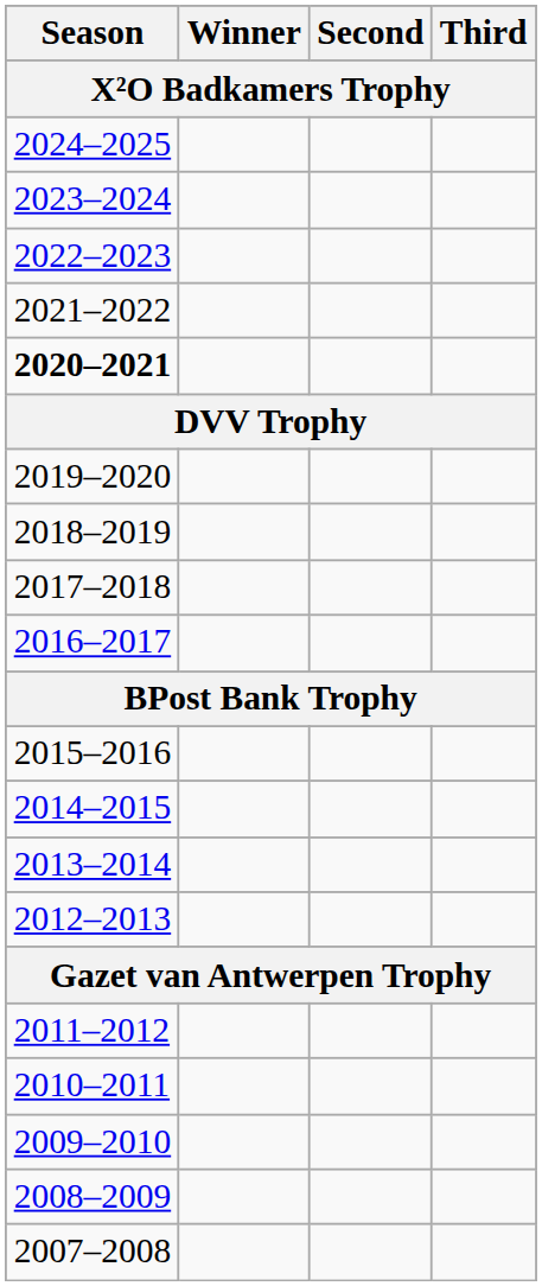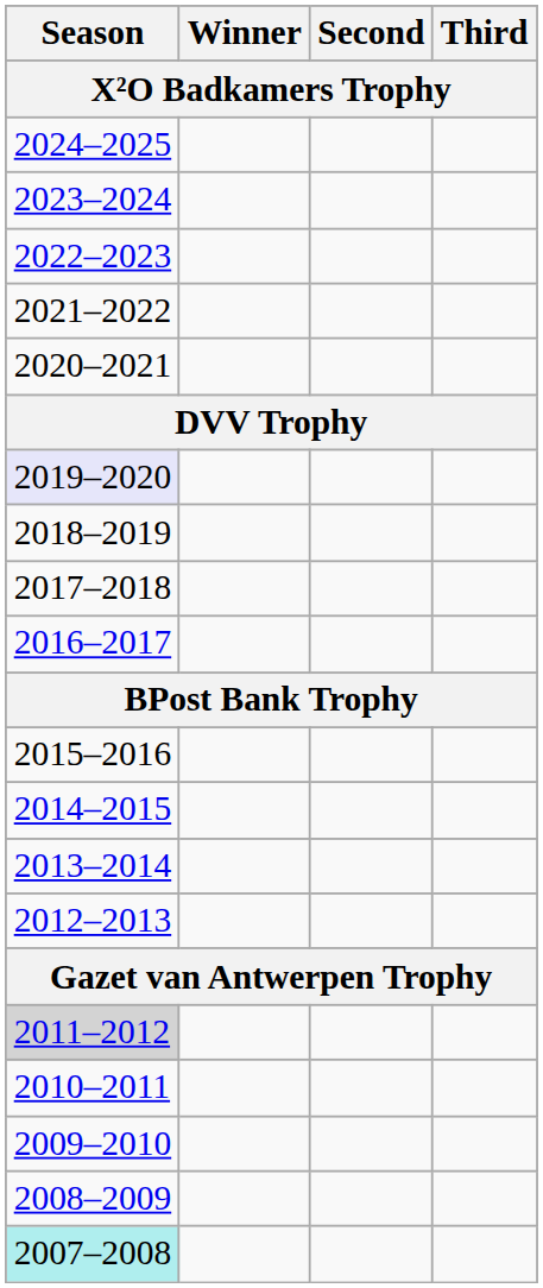 <table class="wikitable">
 <tr>
 <th>Season</th>
 <th>Winner</th>
 <th>Second</th>
 <th>Third</th>
 </tr>
 <tr>
 <th colspan="4">X²O Badkamers Trophy</th>
 </tr>
 <tr>
 <td><a href='#'>2024–2025</a></td>
 <td></td>
 <td></td>
 <td></td>
 </tr>
 <tr>
 <td><a href='#'>2023–2024</a></td>
 <td></td>
 <td></td>
 <td></td>
 </tr>
 <tr>
 <td><a href='#'>2022–2023</a></td>
 <td></td>
 <td></td>
 <td></td>
 </tr>
 <tr>
 <td>2021–2022</td>
 <td></td>
 <td></td>
 <td></td>
 </tr>
 <tr>
-<td><strong>2020–2021</strong></td>
+<td>2020–2021</td>
 <td></td>
 <td></td>
 <td></td>
 </tr>
 <tr>
 <th colspan="4">DVV Trophy</th>
 </tr>
 <tr>
-<td>2019–2020</td>
+<td style="background: lavender;">2019–2020</td>
 <td></td>
 <td></td>
 <td></td>
 </tr>
 <tr>
 <td>2018–2019</td>
 <td></td>
 <td></td>
 <td></td>
 </tr>
 <tr>
 <td>2017–2018</td>
 <td></td>
 <td></td>
 <td></td>
 </tr>
 <tr>
 <td><a href='#'>2016–2017</a></td>
 <td></td>
 <td></td>
 <td></td>
 </tr>
 <tr>
 <th colspan="4">BPost Bank Trophy</th>
 </tr>
 <tr>
 <td>2015–2016</td>
 <td></td>
 <td></td>
 <td></td>
 </tr>
 <tr>
 <td><a href='#'>2014–2015</a></td>
 <td></td>
 <td></td>
 <td></td>
 </tr>
 <tr>
 <td><a href='#'>2013–2014</a></td>
 <td></td>
 <td></td>
 <td></td>
 </tr>
 <tr>
 <td><a href='#'>2012–2013</a></td>
 <td></td>
 <td></td>
 <td></td>
 </tr>
 <tr>
 <th colspan="4">Gazet van Antwerpen Trophy</th>
 </tr>
 <tr>
-<td><a href='#'>2011–2012</a></td>
+<td style="background: lightgrey;"><a href='#'>2011–2012</a></td>
 <td></td>
 <td></td>
 <td></td>
 </tr>
 <tr>
 <td><a href='#'>2010–2011</a></td>
 <td></td>
 <td></td>
 <td></td>
 </tr>
 <tr>
 <td><a href='#'>2009–2010</a></td>
 <td></td>
 <td></td>
 <td></td>
 </tr>
 <tr>
 <td><a href='#'>2008–2009</a></td>
 <td></td>
 <td></td>
 <td></td>
 </tr>
 <tr>
-<td>2007–2008</td>
+<td style="background: paleturquoise;">2007–2008</td>
 <td></td>
 <td></td>
 <td></td>
 </tr>
 </table>
